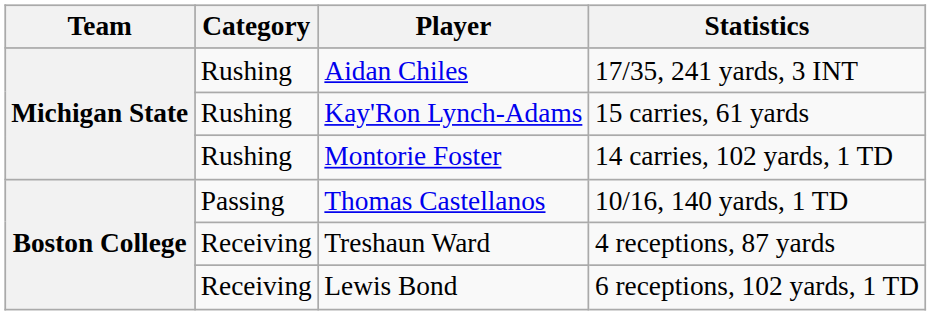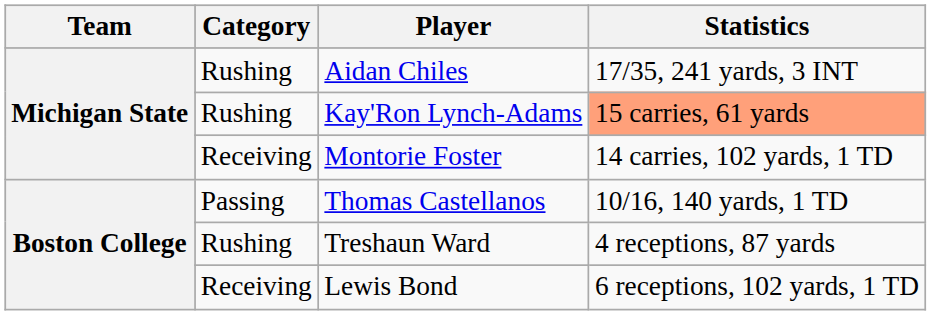 <table class="wikitable" style="float:right">
 <tr>
 <th>Team</th>
 <th>Category</th>
 <th>Player</th>
 <th>Statistics</th>
 </tr>
 <tr>
 <th rowspan=3>Michigan State</th>
 <td>Rushing</td>
 <td><a href='#'>Aidan Chiles</a></td>
 <td>17/35, 241 yards, 3 INT</td>
 </tr>
 <tr>
 <td>Rushing</td>
 <td><a href='#'>Kay'Ron Lynch-Adams</a></td>
-<td>15 carries, 61 yards</td>
+<td style="background: lightsalmon;">15 carries, 61 yards</td>
 </tr>
 <tr>
-<td>Rushing</td>
+<td>Receiving</td>
 <td><a href='#'>Montorie Foster</a></td>
 <td>14 carries, 102 yards, 1 TD</td>
 </tr>
 <tr>
 <th rowspan=3>Boston College</th>
 <td>Passing</td>
 <td><a href='#'>Thomas Castellanos</a></td>
 <td>10/16, 140 yards, 1 TD</td>
 </tr>
 <tr>
-<td>Receiving</td>
+<td>Rushing</td>
 <td>Treshaun Ward</td>
 <td>4 receptions, 87 yards</td>
 </tr>
 <tr>
 <td>Receiving</td>
 <td>Lewis Bond</td>
 <td>6 receptions, 102 yards, 1 TD</td>
 </tr>
 </table>
